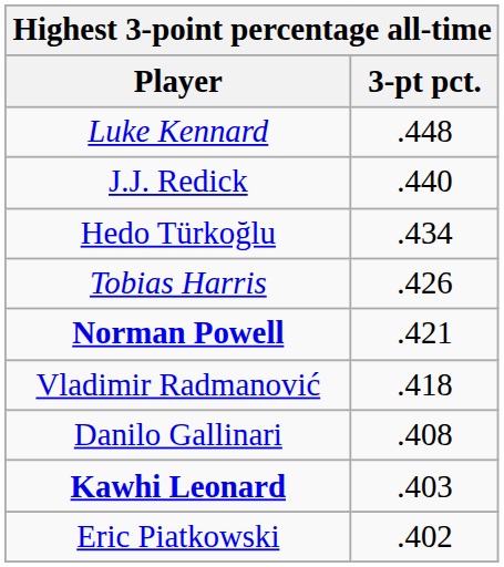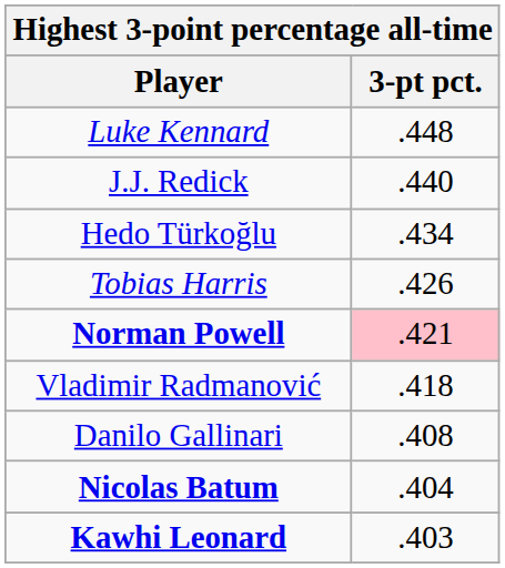 <table class="wikitable sortable" style="text-align:center">
 <tr>
 <th colspan="2">Highest 3-point percentage all-time</th>
 </tr>
 <tr>
 <th>Player</th>
 <th>3-pt pct.</th>
 </tr>
 <tr>
 <td><em><a href='#'>Luke Kennard</a></em></td>
 <td>.448</td>
 </tr>
 <tr>
 <td><a href='#'>J.J. Redick</a></td>
 <td>.440</td>
 </tr>
 <tr>
 <td><a href='#'>Hedo Türkoğlu</a></td>
 <td>.434</td>
 </tr>
 <tr>
 <td><em><a href='#'>Tobias Harris</a></em></td>
 <td>.426</td>
 </tr>
 <tr>
 <td><strong><a href='#'>Norman Powell</a></strong></td>
-<td>.421</td>
+<td style="background: pink;">.421</td>
 </tr>
 <tr>
 <td><a href='#'>Vladimir Radmanović</a></td>
 <td>.418</td>
 </tr>
 <tr>
 <td><a href='#'>Danilo Gallinari</a></td>
 <td>.408</td>
 </tr>
 <tr>
+<td><strong><a href='#'>Nicolas Batum</a></strong></td>
+<td>.404</td>
+</tr>
+<tr>
 <td><strong><a href='#'>Kawhi Leonard</a></strong></td>
 <td>.403</td>
 </tr>
-<tr>
-<td><a href='#'>Eric Piatkowski</a></td>
-<td>.402</td>
-</tr>
 </table>
